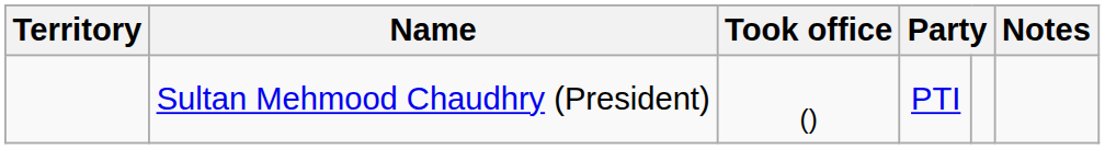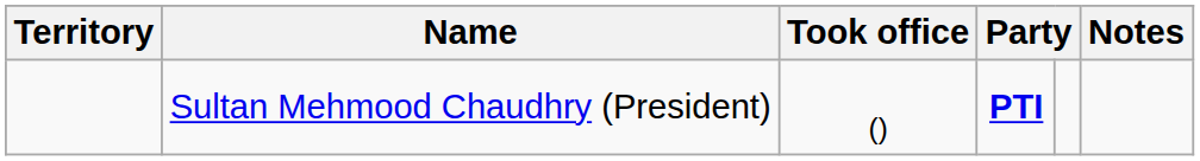 <table class="wikitable sortable" style="text-align:center">
 <tr>
 <th scope="col">Territory</th>
 <th scope="col">Name</th>
 <th scope="col">Took office<br></th>
 <th colspan="2" scope="col">Party</th>
 <th scope="col" class="unsortable">Notes</th>
 </tr>
 <tr>
 <td></td>
 <td><a href='#'>Sultan Mehmood Chaudhry</a> (President)</td>
 <td><br><small>()</small></td>
-<td><a href='#'>PTI</a></td>
+<td><strong><a href='#'>PTI</a></strong></td>
 <td width="4px"></td>
 <td></td>
 </tr>
 </table>
